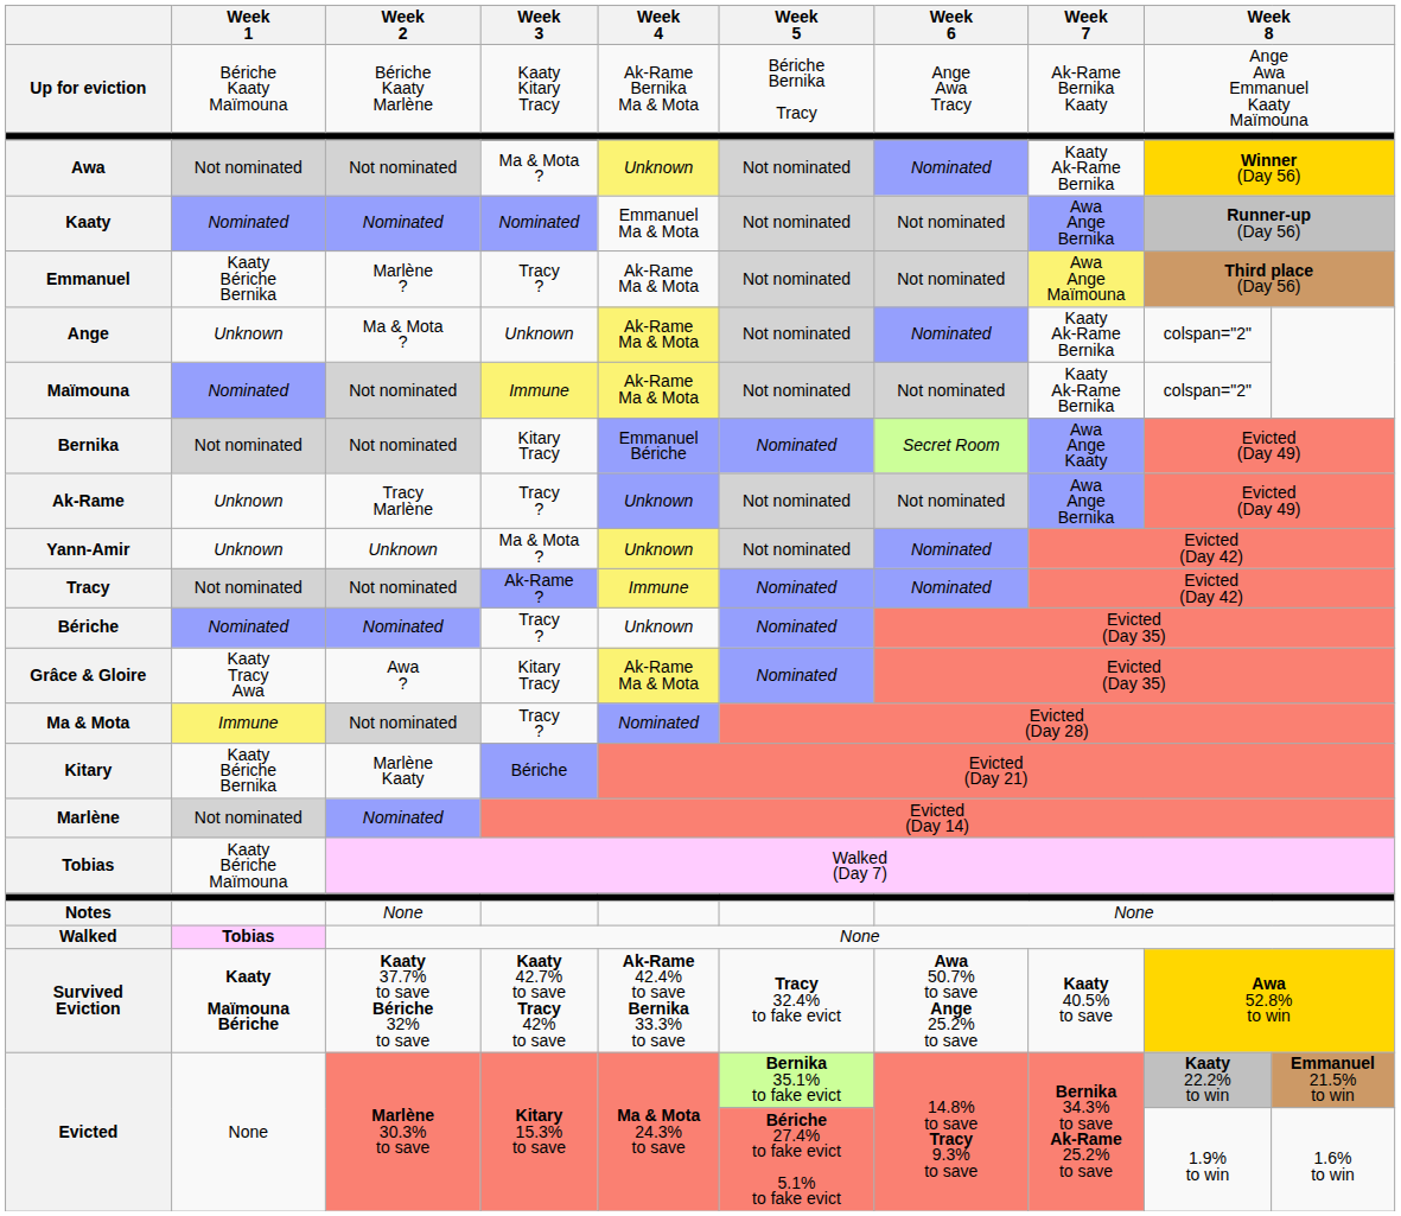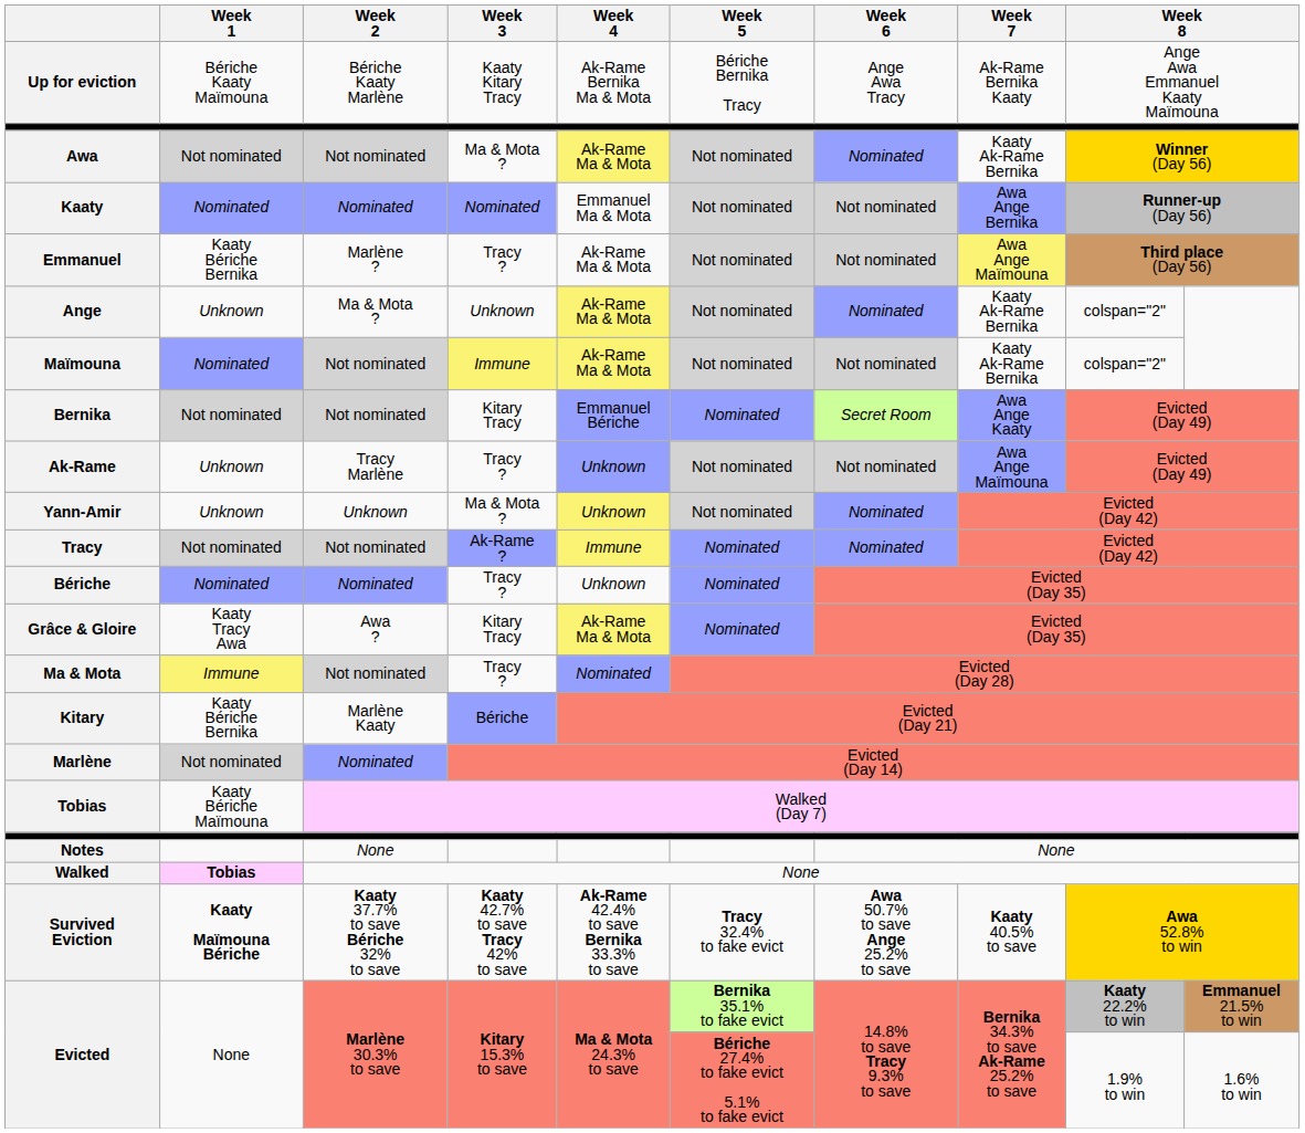 <table class="wikitable" style="text-align:center; width:90%; font-size:85%; line-height:13px;">
 <tr>
 <th></th>
 <th>Week<br>1</th>
 <th>Week<br>2</th>
 <th>Week<br>3</th>
 <th>Week<br>4</th>
 <th>Week<br>5</th>
 <th>Week<br>6</th>
 <th>Week<br>7</th>
 <th colspan="2">Week<br>8</th>
 </tr>
 <tr>
 <th>Up for eviction</th>
 <td>Bériche<br>Kaaty<br>Maïmouna</td>
 <td>Bériche<br>Kaaty<br>Marlène</td>
 <td>Kaaty<br>Kitary<br>Tracy</td>
 <td>Ak-Rame<br>Bernika<br>Ma & Mota</td>
 <td>Bériche<br>Bernika<br><br>Tracy</td>
 <td>Ange<br>Awa<br>Tracy<br></td>
 <td>Ak-Rame<br>Bernika<br>Kaaty</td>
 <td colspan="2">Ange<br>Awa<br>Emmanuel<br>Kaaty<br>Maïmouna</td>
 </tr>
 <tr>
 <td style="background:black" colspan="10"></td>
 </tr>
 <tr>
 <th>Awa</th>
 <td style="background:lightgrey">Not nominated</td>
 <td style="background:lightgrey">Not nominated</td>
 <td>Ma & Mota<br>?</td>
-<td style="background:#FBF373"><em>Unknown</em></td>
+<td style="background:#FBF373">Ak-Rame<br>Ma & Mota</td>
 <td style="background:lightgrey">Not nominated<br></td>
 <td style="background:#959ffd"><em>Nominated</em><br></td>
 <td>Kaaty<br>Ak-Rame<br>Bernika</td>
 <td colspan="2" style="background:gold"><strong>Winner</strong><br>(Day 56)</td>
 </tr>
 <tr>
 <th>Kaaty</th>
 <td style="background:#959ffd"><em>Nominated</em></td>
 <td style="background:#959ffd"><em>Nominated</em></td>
 <td style="background:#959ffd"><em>Nominated</em></td>
 <td>Emmanuel<br>Ma & Mota</td>
 <td style="background:lightgrey">Not nominated<br></td>
 <td style="background:lightgrey">Not nominated<br></td>
 <td style="background:#959ffd">Awa<br>Ange<br>Bernika</td>
 <td colspan="2" style="background:silver"><strong>Runner-up</strong><br>(Day 56)</td>
 </tr>
 <tr>
 <th>Emmanuel</th>
 <td>Kaaty<br>Bériche<br>Bernika</td>
 <td>Marlène<br>?</td>
 <td>Tracy<br>?</td>
 <td>Ak-Rame<br>Ma & Mota</td>
 <td style="background:lightgrey">Not nominated<br></td>
 <td style="background:lightgrey">Not nominated<br></td>
 <td style="background:#FBF373">Awa<br>Ange<br>Maïmouna</td>
 <td colspan="2" style="background:#c96"><strong>Third place</strong><br>(Day 56)</td>
 </tr>
 <tr>
 <th>Ange</th>
 <td><em>Unknown</em></td>
 <td>Ma & Mota<br>?</td>
 <td><em>Unknown</em></td>
 <td style="background:#FBF373">Ak-Rame<br>Ma & Mota</td>
 <td style="background:lightgrey">Not nominated<br></td>
 <td style="background:#959ffd"><em>Nominated</em><br></td>
 <td>Kaaty<br>Ak-Rame<br>Bernika</td>
 <td>colspan="2" </td>
 </tr>
 <tr>
 <th>Maïmouna</th>
 <td style="background:#959ffd"><em>Nominated</em></td>
 <td style="background:lightgrey">Not nominated</td>
 <td style="background:#FBF373"><em>Immune</em></td>
 <td style="background:#FBF373">Ak-Rame<br>Ma & Mota</td>
 <td style="background:lightgrey">Not nominated<br></td>
 <td style="background:lightgrey">Not nominated<br></td>
 <td>Kaaty<br>Ak-Rame<br>Bernika</td>
 <td>colspan="2" </td>
 </tr>
 <tr>
 <th>Bernika</th>
 <td style="background:lightgrey">Not nominated</td>
 <td style="background:lightgrey">Not nominated</td>
 <td>Kitary<br>Tracy</td>
 <td style="background:#959ffd">Emmanuel<br>Bériche</td>
 <td style="background:#959ffd"><em>Nominated</em><br></td>
 <td style="background:#CCFF99"><em>Secret Room</em></td>
 <td style="background:#959ffd">Awa<br>Ange<br>Kaaty</td>
 <td colspan="2" style="background:salmon">Evicted<br>(Day 49)</td>
 </tr>
 <tr>
 <th>Ak-Rame</th>
 <td><em>Unknown</em></td>
 <td>Tracy<br>Marlène</td>
 <td>Tracy<br>?</td>
 <td style="background:#959ffd"><em>Unknown</em></td>
 <td style="background:lightgrey">Not nominated<br></td>
 <td style="background:lightgrey">Not nominated<br></td>
-<td style="background:#959ffd">Awa<br>Ange<br>Bernika</td>
+<td style="background:#959ffd">Awa<br>Ange<br>Maïmouna</td>
 <td colspan="2" style="background:salmon">Evicted<br>(Day 49)</td>
 </tr>
 <tr>
 <th>Yann-Amir</th>
 <td><em>Unknown</em></td>
 <td><em>Unknown</em></td>
 <td>Ma & Mota<br>?</td>
 <td style="background:#FBF373"><em>Unknown</em></td>
 <td style="background:lightgrey">Not nominated<br></td>
 <td style="background:#959ffd"><em>Nominated</em><br></td>
 <td colspan="3" style="background:salmon">Evicted<br>(Day 42)</td>
 </tr>
 <tr>
 <th>Tracy</th>
 <td style="background:lightgrey">Not nominated</td>
 <td style="background:lightgrey">Not nominated</td>
 <td style="background:#959ffd">Ak-Rame<br>?</td>
 <td style="background:#FBF373"><em>Immune</em></td>
 <td style="background:#959ffd"><em>Nominated</em><br></td>
 <td style="background:#959ffd"><em>Nominated</em><br></td>
 <td colspan="3" style="background:salmon">Evicted<br>(Day 42)</td>
 </tr>
 <tr>
 <th>Bériche</th>
 <td style="background:#959ffd"><em>Nominated</em></td>
 <td style="background:#959ffd"><em>Nominated</em></td>
 <td>Tracy<br>?</td>
 <td><em>Unknown</em></td>
 <td style="background:#959ffd"><em>Nominated</em><br></td>
 <td colspan="4" style="background:salmon">Evicted<br>(Day 35)</td>
 </tr>
 <tr>
 <th>Grâce & Gloire</th>
 <td>Kaaty<br>Tracy<br>Awa</td>
 <td>Awa<br>?</td>
 <td>Kitary<br>Tracy</td>
 <td style="background:#FBF373">Ak-Rame<br>Ma & Mota</td>
 <td style="background:#959ffd"><em>Nominated</em><br></td>
 <td colspan="4" style="background:salmon">Evicted<br>(Day 35)</td>
 </tr>
 <tr>
 <th>Ma & Mota</th>
 <td style="background:#FBF373"><em>Immune</em></td>
 <td style="background:lightgrey">Not nominated</td>
 <td>Tracy<br>?</td>
 <td style="background:#959ffd"><em>Nominated</em></td>
 <td colspan="5" style="background:salmon">Evicted<br>(Day 28)</td>
 </tr>
 <tr>
 <th>Kitary</th>
 <td>Kaaty<br>Bériche<br>Bernika</td>
 <td>Marlène<br>Kaaty</td>
 <td style="background:#959ffd">Bériche</td>
 <td colspan="6" style="background:salmon">Evicted<br>(Day 21)</td>
 </tr>
 <tr>
 <th>Marlène</th>
 <td style="background:lightgrey">Not nominated</td>
 <td style="background:#959ffd"><em>Nominated</em></td>
 <td colspan="7" style="background:salmon">Evicted<br>(Day 14)</td>
 </tr>
 <tr>
 <th>Tobias</th>
 <td>Kaaty<br>Bériche<br>Maïmouna</td>
 <td style="background:#fcf" colspan="8">Walked<br>(Day 7)</td>
 </tr>
 <tr>
 <td style="background:black" colspan="10"></td>
 </tr>
 <tr>
 <th>Notes</th>
 <td></td>
 <td><em>None</em></td>
 <td></td>
 <td></td>
 <td></td>
 <td colspan="4"><em>None</em></td>
 </tr>
 <tr>
 <th>Walked</th>
 <td style="background:#fcf"><strong>Tobias</strong></td>
 <td colspan="8"><em>None</em></td>
 </tr>
 <tr>
 <th>Survived<br>Eviction</th>
 <td><strong>Kaaty</strong><br><br><strong>Maïmouna</strong><br><strong>Bériche</strong><br></td>
 <td><strong>Kaaty</strong><br>37.7%<br>to save<br><strong>Bériche</strong><br>32%<br>to save</td>
 <td><strong>Kaaty</strong><br>42.7%<br>to save<br><strong>Tracy</strong><br>42%<br>to save</td>
 <td><strong>Ak-Rame</strong><br>42.4%<br>to save<br><strong>Bernika</strong><br>33.3%<br>to save</td>
 <td><strong>Tracy</strong><br>32.4%<br>to fake evict</td>
 <td><strong>Awa</strong><br>50.7%<br>to save<br><strong>Ange</strong><br>25.2%<br>to save</td>
 <td><strong>Kaaty</strong><br>40.5%<br>to save</td>
 <td colspan="2" style="background:gold"><strong>Awa</strong><br>52.8%<br>to win</td>
 </tr>
 <tr>
 <th rowspan="2">Evicted</th>
 <td rowspan="2">None</td>
 <td rowspan="2" style="background:salmon"><strong>Marlène</strong><br>30.3%<br>to save</td>
 <td rowspan="2" style="background:salmon"><strong>Kitary</strong><br>15.3%<br>to save</td>
 <td rowspan="2" style="background:salmon"><strong>Ma & Mota</strong><br>24.3%<br>to save</td>
 <td style="background:#CCFF99"><strong>Bernika</strong><br>35.1%<br>to fake evict</td>
 <td rowspan="2" style="background:salmon"><strong></strong><br>14.8%<br>to save<br><strong>Tracy</strong><br>9.3%<br>to save</td>
 <td rowspan="2" style="background:salmon"><strong>Bernika</strong><br>34.3%<br>to save<br><strong>Ak-Rame</strong><br>25.2%<br>to save</td>
 <td style="background:silver"><strong>Kaaty</strong><br>22.2%<br>to win</td>
 <td style="background:#c96"><strong>Emmanuel</strong><br>21.5%<br>to win</td>
 </tr>
 <tr>
 <td rowspan="2" style="background:salmon"><strong>Bériche</strong><br>27.4%<br>to fake evict<br><strong></strong><br>5.1%<br>to fake evict</td>
 <td><br>1.9%<br>to win</td>
 <td><br>1.6%<br>to win</td>
 </tr>
 </table>
